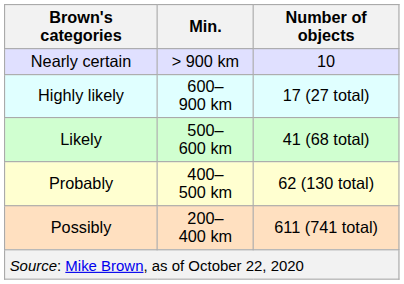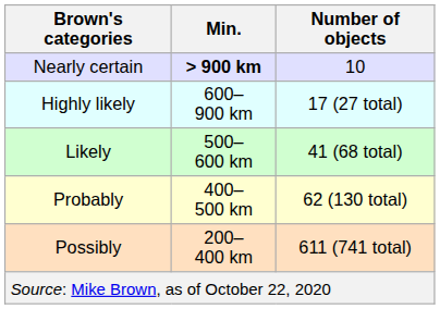 <table class="wikitable floatright" style="font-size: 0.9em; text-align: center; width: 350px; margin-top: 4px;">
 <tr>
 <th>Brown's categories</th>
 <th>Min. </th>
 <th>Number of objects</th>
 </tr>
 <tr style="background: #e0e0ff;">
 <td>Nearly certain</td>
-<td>> 900 km</td>
+<td><strong>> 900 km</strong></td>
 <td>10</td>
 </tr>
 <tr style="background: #e0ffff;">
 <td>Highly likely</td>
 <td>600–900 km</td>
 <td>17 (27 total)</td>
 </tr>
 <tr style="background: #d0ffd0;">
 <td>Likely</td>
 <td>500–600 km</td>
 <td>41 (68 total)</td>
 </tr>
 <tr style="background: #ffffd0;">
 <td>Probably</td>
 <td>400–500 km</td>
 <td>62 (130 total)</td>
 </tr>
 <tr style="background: #ffe0c0;">
 <td>Possibly</td>
 <td>200–400 km</td>
 <td>611 (741 total)</td>
 </tr>
 <tr>
 <th colspan=3 style="text-align: left; font-size: 0.92em; font-weight: normal; padding: 6px 2px 4px 4px;"><em>Source</em>: <a href='#'>Mike Brown</a>, as of October 22, 2020</th>
 </tr>
 </table>
